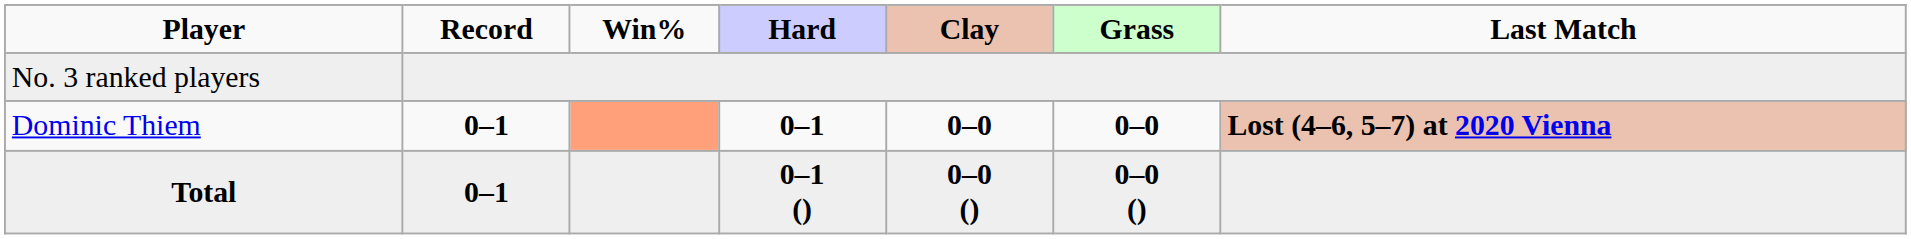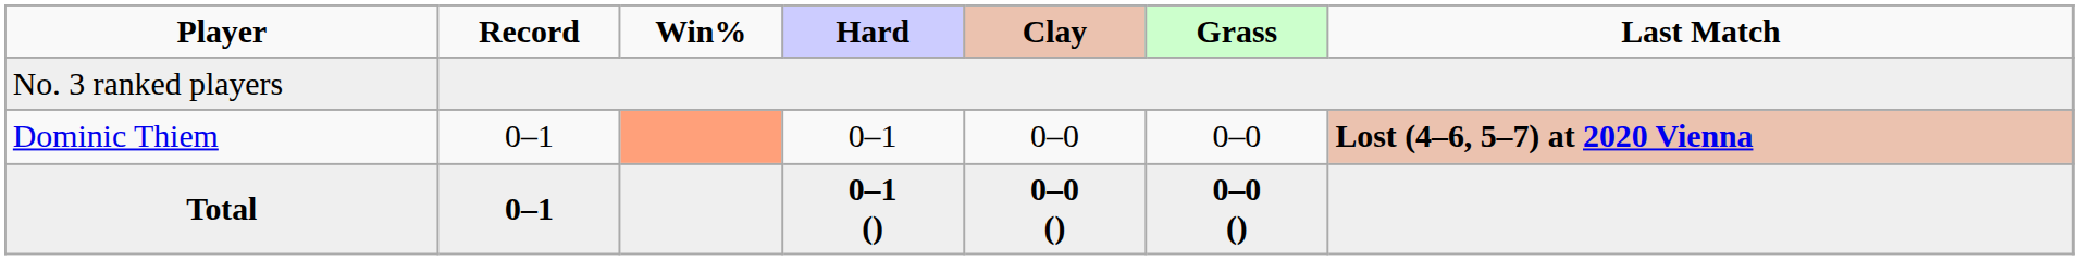 <table class="sortable wikitable" style=font-size:97%;text-align:center>
 <tr>
 <td width=200><strong>Player</strong></td>
 <td width=80><strong>Record</strong></td>
 <td width=70><strong>Win%</strong></td>
 <td style="width:80px; background:#ccf;"><strong>Hard</strong></td>
 <td style="width:80px; background:#ebc2af;"><strong>Clay</strong></td>
 <td style="width:80px; background:#cfc;"><strong>Grass</strong></td>
 <td width=350><strong>Last Match</strong></td>
 </tr>
 <tr style="background:#efefef;">
 <td align=left>No. 3 ranked players</td>
 <td colspan="7"></td>
 </tr>
 <tr>
 <td align=left> <a href='#'>Dominic Thiem</a></td>
-<td><strong>0–1</strong></td>
+<td>0–1</td>
 <td bgcolor=ffa07a></td>
-<td><strong>0–1</strong></td>
-<td><strong>0–0</strong></td>
-<td><strong>0–0</strong></td>
+<td>0–1</td>
+<td>0–0</td>
+<td>0–0</td>
 <td align=left bgcolor=ebc2af><strong>Lost (4–6, 5–7) at <a href='#'>2020 Vienna</a></strong></td>
 </tr>
 <tr class=sortbottom style="font-weight:bold;background:#efefef;text-align:center">
 <td>Total</td>
 <td>0–1</td>
 <td></td>
 <td>0–1 <br> ()</td>
 <td>0–0 <br> ()</td>
 <td>0–0 <br> ()</td>
 <td></td>
 </tr>
 </table>
